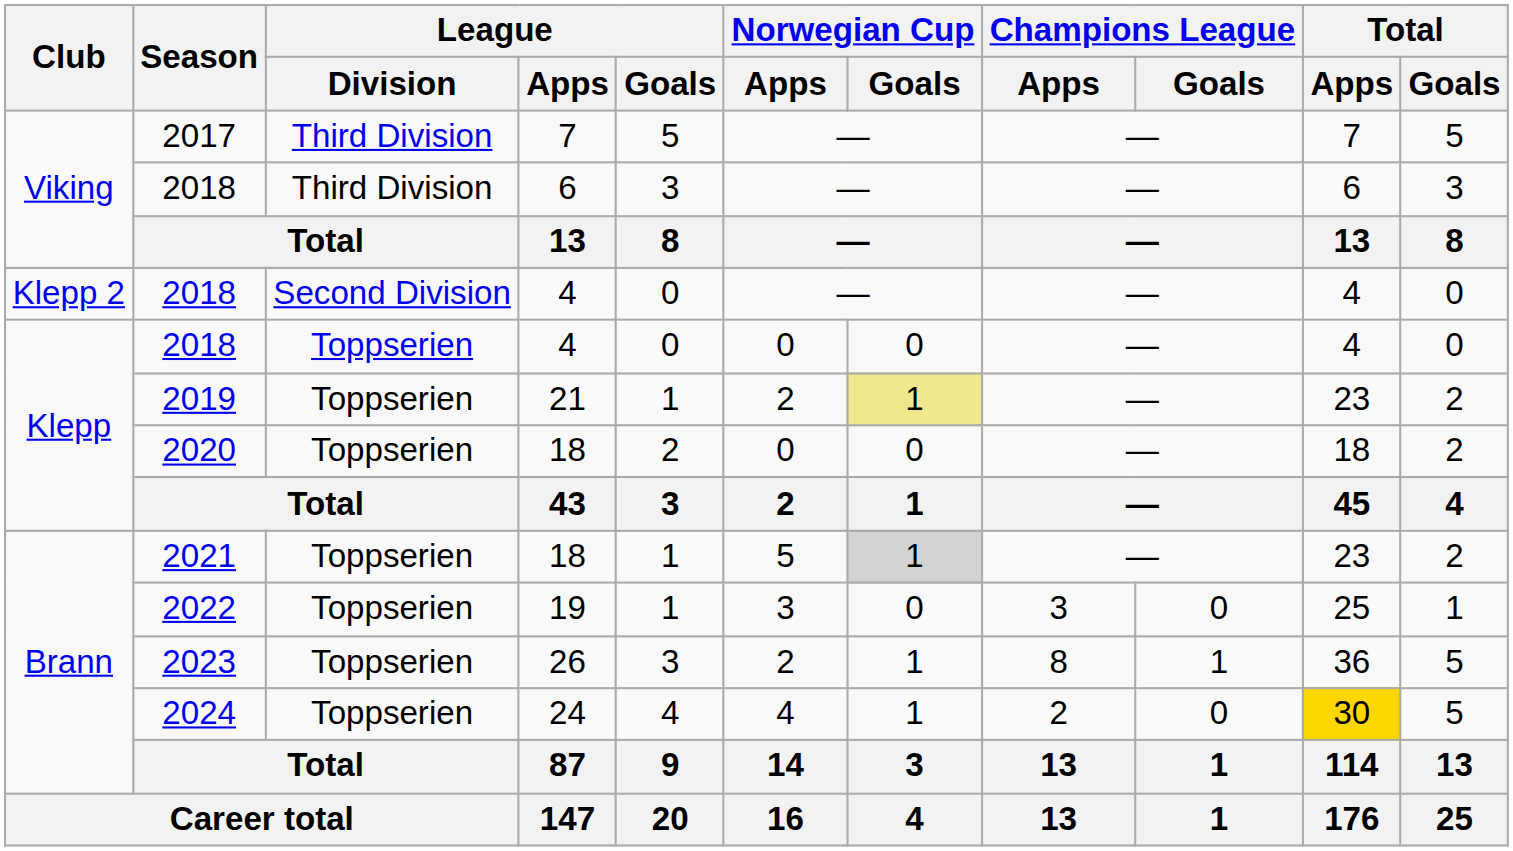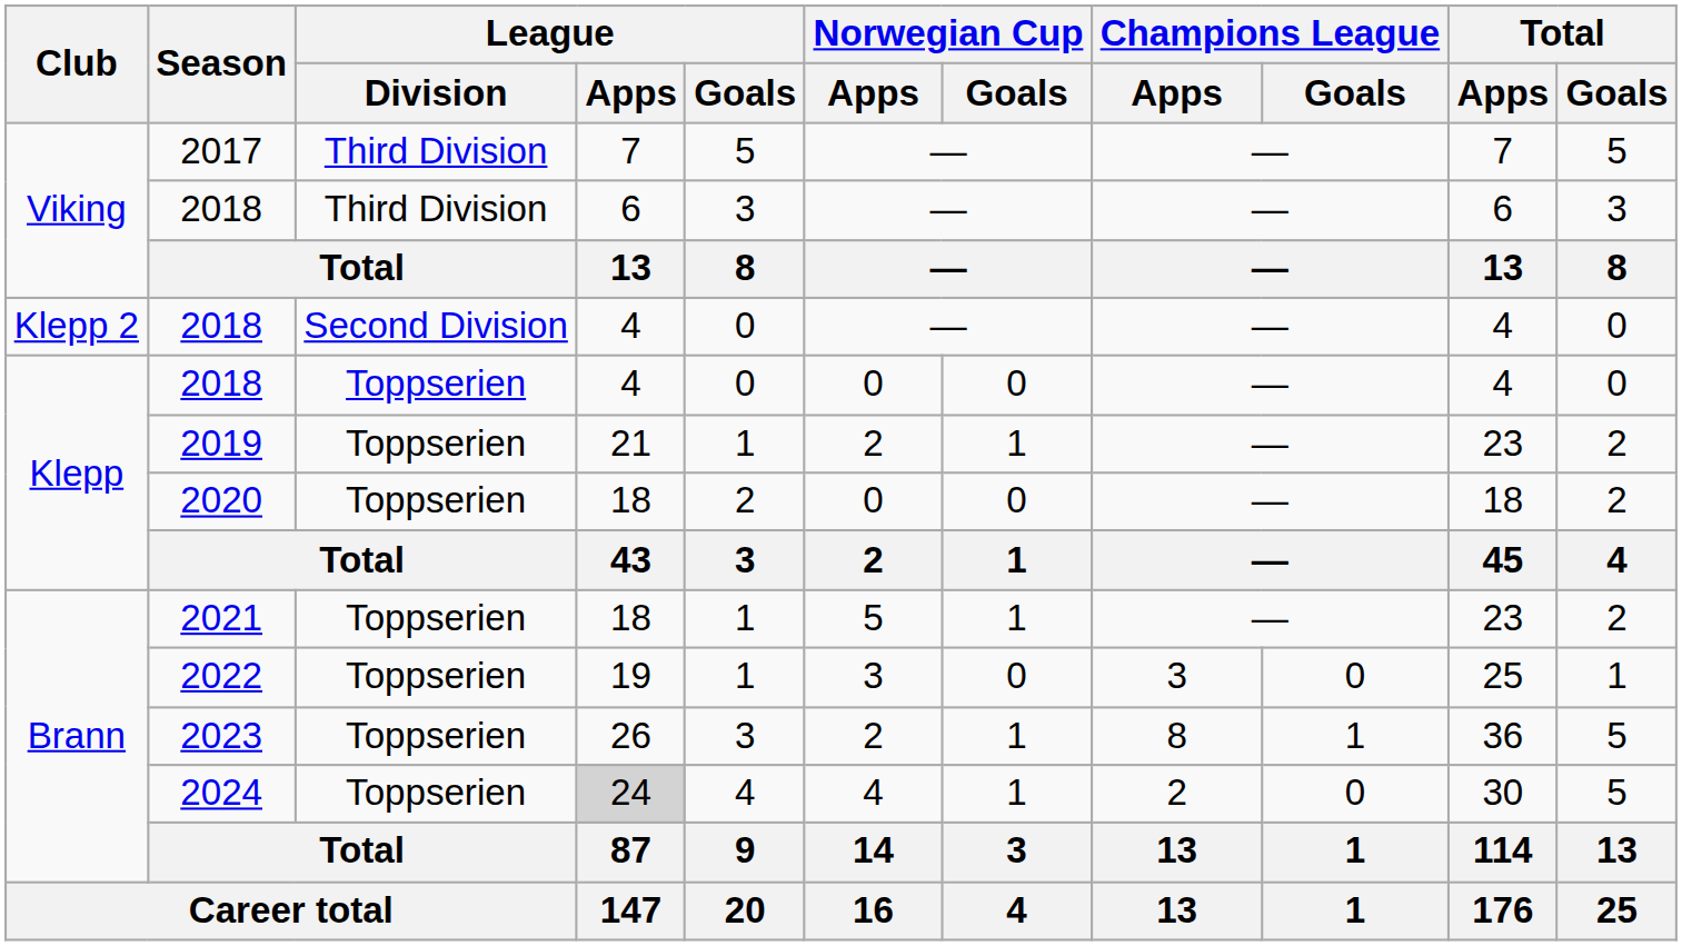 <table class="wikitable" style="text-align: center;">
 <tr>
 <th rowspan="2">Club</th>
 <th rowspan="2">Season</th>
 <th colspan="3">League</th>
 <th colspan="2"><a href='#'>Norwegian Cup</a></th>
 <th colspan="2"><a href='#'>Champions League</a></th>
 <th colspan="2">Total</th>
 </tr>
 <tr>
 <th>Division</th>
 <th>Apps</th>
 <th>Goals</th>
 <th>Apps</th>
 <th>Goals</th>
 <th>Apps</th>
 <th>Goals</th>
 <th>Apps</th>
 <th>Goals</th>
 </tr>
 <tr>
 <td rowspan="3"><a href='#'>Viking</a></td>
 <td>2017</td>
 <td><a href='#'>Third Division</a></td>
 <td>7</td>
 <td>5</td>
 <td colspan=2>—</td>
 <td colspan=2>—</td>
 <td>7</td>
 <td>5</td>
 </tr>
 <tr>
 <td>2018</td>
 <td>Third Division</td>
 <td>6</td>
 <td>3</td>
 <td colspan=2>—</td>
 <td colspan=2>—</td>
 <td>6</td>
 <td>3</td>
 </tr>
 <tr>
 <th colspan="2">Total</th>
 <th>13</th>
 <th>8</th>
 <th colspan=2>—</th>
 <th colspan=2>—</th>
 <th>13</th>
 <th>8</th>
 </tr>
 <tr>
 <td><a href='#'>Klepp 2</a></td>
 <td><a href='#'>2018</a></td>
 <td><a href='#'>Second Division</a></td>
 <td>4</td>
 <td>0</td>
 <td colspan=2>—</td>
 <td colspan=2>—</td>
 <td>4</td>
 <td>0</td>
 </tr>
 <tr>
 <td rowspan="4"><a href='#'>Klepp</a></td>
 <td><a href='#'>2018</a></td>
 <td><a href='#'>Toppserien</a></td>
 <td>4</td>
 <td>0</td>
 <td>0</td>
 <td>0</td>
 <td colspan=2>—</td>
 <td>4</td>
 <td>0</td>
 </tr>
 <tr>
 <td><a href='#'>2019</a></td>
 <td>Toppserien</td>
 <td>21</td>
 <td>1</td>
 <td>2</td>
-<td style="background: khaki;">1</td>
+<td>1</td>
 <td colspan=2>—</td>
 <td>23</td>
 <td>2</td>
 </tr>
 <tr>
 <td><a href='#'>2020</a></td>
 <td>Toppserien</td>
 <td>18</td>
 <td>2</td>
 <td>0</td>
 <td>0</td>
 <td colspan=2>—</td>
 <td>18</td>
 <td>2</td>
 </tr>
 <tr>
 <th colspan="2">Total</th>
 <th>43</th>
 <th>3</th>
 <th>2</th>
 <th>1</th>
 <th colspan=2>—</th>
 <th>45</th>
 <th>4</th>
 </tr>
 <tr>
 <td rowspan="5"><a href='#'>Brann</a></td>
 <td><a href='#'>2021</a></td>
 <td>Toppserien</td>
 <td>18</td>
 <td>1</td>
 <td>5</td>
-<td style="background: lightgrey;">1</td>
+<td>1</td>
 <td colspan=2>—</td>
 <td>23</td>
 <td>2</td>
 </tr>
 <tr>
 <td><a href='#'>2022</a></td>
 <td>Toppserien</td>
 <td>19</td>
 <td>1</td>
 <td>3</td>
 <td>0</td>
 <td>3</td>
 <td>0</td>
 <td>25</td>
 <td>1</td>
 </tr>
 <tr>
 <td><a href='#'>2023</a></td>
 <td>Toppserien</td>
 <td>26</td>
 <td>3</td>
 <td>2</td>
 <td>1</td>
 <td>8</td>
 <td>1</td>
 <td>36</td>
 <td>5</td>
 </tr>
 <tr>
 <td><a href='#'>2024</a></td>
 <td>Toppserien</td>
-<td>24</td>
+<td style="background: lightgrey;">24</td>
 <td>4</td>
 <td>4</td>
 <td>1</td>
 <td>2</td>
 <td>0</td>
-<td style="background: gold;">30</td>
+<td>30</td>
 <td>5</td>
 </tr>
 <tr>
 <th colspan="2">Total</th>
 <th>87</th>
 <th>9</th>
 <th>14</th>
 <th>3</th>
 <th>13</th>
 <th>1</th>
 <th>114</th>
 <th>13</th>
 </tr>
 <tr>
 <th colspan="3">Career total</th>
 <th>147</th>
 <th>20</th>
 <th>16</th>
 <th>4</th>
 <th>13</th>
 <th>1</th>
 <th>176</th>
 <th>25</th>
 </tr>
 </table>
